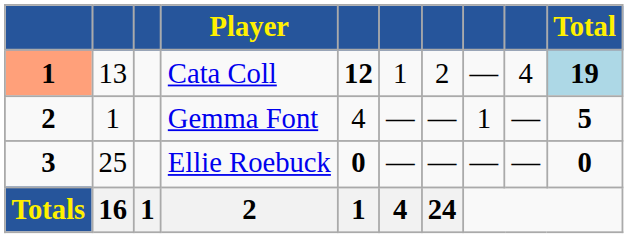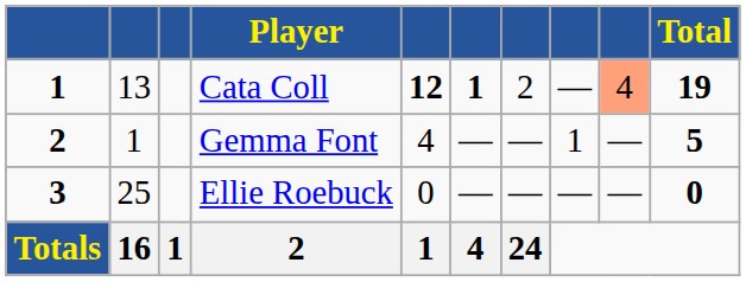 <table class="wikitable" style="text-align:center">
 <tr>
 <th style="background:#26559B; color:#FFF000; "></th>
 <th style="background:#26559B; color:#FFF000; "></th>
 <th style="background:#26559B; color:#FFF000; "></th>
 <th style="background:#26559B; color:#FFF000; ">Player</th>
 <th style="background:#26559B; color:#FFF000; "></th>
 <th style="background:#26559B; color:#FFF000; "></th>
 <th style="background:#26559B; color:#FFF000; "></th>
 <th style="background:#26559B; color:#FFF000; "></th>
 <th style="background:#26559B; color:#FFF000; "></th>
 <th style="background:#26559B; color:#FFF000; ">Total</th>
 </tr>
 <tr>
-<td style="background: lightsalmon;"><strong>1</strong></td>
+<td><strong>1</strong></td>
 <td>13</td>
 <td></td>
 <td align="left"><a href='#'>Cata Coll</a></td>
 <td><strong>12</strong></td>
-<td>1</td>
+<td><strong>1</strong></td>
 <td>2</td>
 <td>—</td>
-<td>4</td>
-<td style="background: lightblue;"><strong>19</strong></td>
+<td style="background: lightsalmon;">4</td>
+<td><strong>19</strong></td>
 </tr>
 <tr>
 <td><strong>2</strong></td>
 <td>1</td>
 <td></td>
 <td align="left"><a href='#'>Gemma Font</a></td>
 <td>4</td>
 <td>—</td>
 <td>—</td>
 <td>1</td>
 <td>—</td>
 <td><strong>5</strong></td>
 </tr>
 <tr>
 <td><strong>3</strong></td>
 <td>25</td>
 <td></td>
 <td align="left"><a href='#'>Ellie Roebuck</a></td>
-<td><strong>0</strong></td>
+<td>0</td>
 <td>—</td>
 <td>—</td>
 <td>—</td>
 <td>—</td>
 <td><strong>0</strong></td>
 </tr>
 <tr>
 <th style="background:#26559B; color:#FFF000; ">Totals</th>
 <th><strong>16</strong></th>
 <th><strong>1</strong></th>
 <th><strong>2</strong></th>
 <th>1</th>
 <th>4</th>
 <th>24</th>
 </tr>
 </table>
